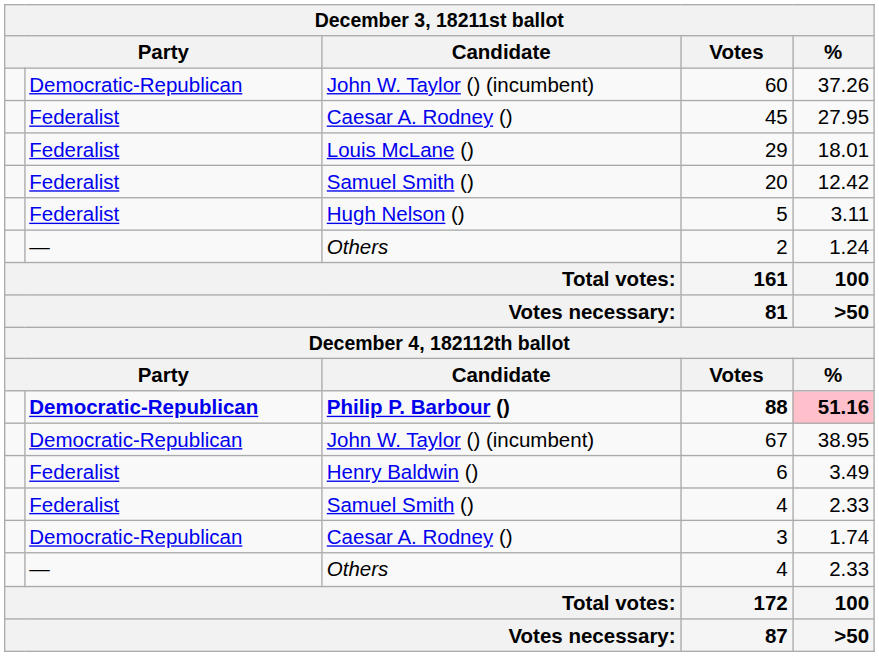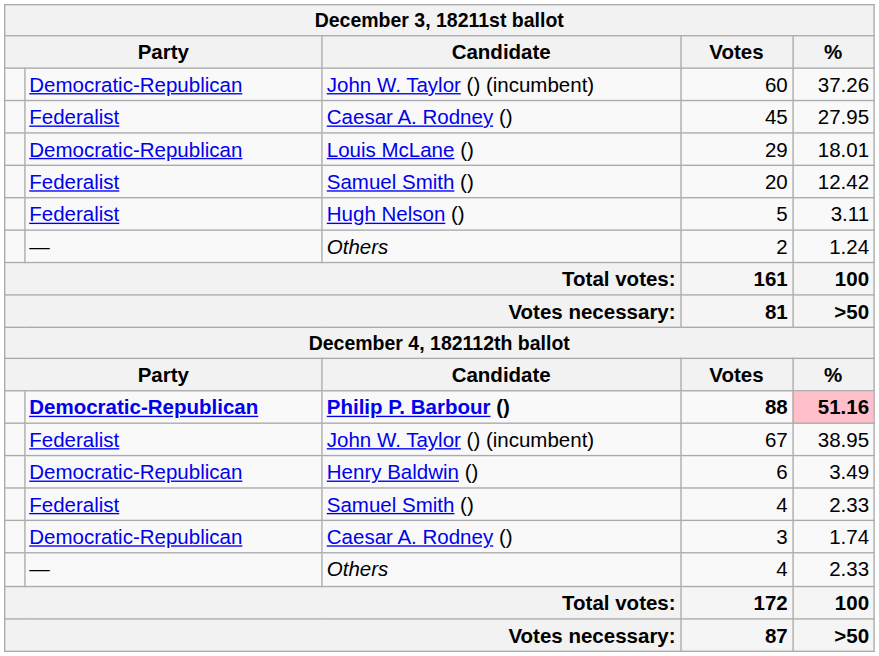 <table class="wikitable" style="margin-right:1em; font-size:95%">
 <tr>
 <th colspan=5 style="font-size:95%">December 3, 18211st ballot</th>
 </tr>
 <tr>
 <th scope="col" colspan="2" style="width: 15em">Party</th>
 <th scope="col" style="width: 17em">Candidate</th>
 <th scope="col" style="width: 5em">Votes</th>
 <th scope="col" style="width: 3.5em">%</th>
 </tr>
 <tr>
 <td style="width: 0.5em; background:"></td>
 <td><a href='#'>Democratic-Republican</a></td>
 <td><a href='#'>John W. Taylor</a> () (incumbent)</td>
 <td style="text-align:right">60</td>
 <td style="text-align:right">37.26</td>
 </tr>
 <tr>
 <td style="background:"></td>
 <td><a href='#'>Federalist</a></td>
 <td><a href='#'>Caesar A. Rodney</a> ()</td>
 <td style="text-align:right">45</td>
 <td style="text-align:right">27.95</td>
 </tr>
 <tr>
 <td style="background:"></td>
-<td><a href='#'>Federalist</a></td>
+<td><a href='#'>Democratic-Republican</a></td>
 <td><a href='#'>Louis McLane</a> ()</td>
 <td style="text-align:right">29</td>
 <td style="text-align:right">18.01</td>
 </tr>
 <tr>
 <td style="background:"></td>
 <td><a href='#'>Federalist</a></td>
 <td><a href='#'>Samuel Smith</a> ()</td>
 <td style="text-align:right">20</td>
 <td style="text-align:right">12.42</td>
 </tr>
 <tr>
 <td style="background:"></td>
 <td><a href='#'>Federalist</a></td>
 <td><a href='#'>Hugh Nelson</a> ()</td>
 <td style="text-align:right">5</td>
 <td style="text-align:right">3.11</td>
 </tr>
 <tr>
 <td style="background:"></td>
 <td>—</td>
 <td><em>Others</em></td>
 <td style="text-align:right">2</td>
 <td style="text-align:right">1.24</td>
 </tr>
 <tr>
 <th colspan=3 style="text-align:right">Total votes:</th>
 <td style="text-align:right; background:#f5f5f5"><strong>161</strong></td>
 <td style="text-align:right; background:#f5f5f5"><strong>100</strong></td>
 </tr>
 <tr>
 <th colspan=3 style="text-align:right">Votes necessary:</th>
 <td style="text-align:right; background:#f5f5f5"><strong>81</strong></td>
 <td style="text-align:right; background:#f5f5f5"><strong>>50</strong></td>
 </tr>
 <tr>
 <th colspan=5 style="font-size:95%">December 4, 182112th ballot</th>
 </tr>
 <tr>
 <th scope="col" colspan="2" style="width: 15em">Party</th>
 <th scope="col" style="width: 17em">Candidate</th>
 <th scope="col" style="width: 5em">Votes</th>
 <th scope="col" style="width: 3.5em">%</th>
 </tr>
 <tr>
 <td style="background:"></td>
 <td><strong><a href='#'>Democratic-Republican</a></strong></td>
 <td><strong><a href='#'>Philip P. Barbour</a> ()</strong></td>
 <td style="text-align:right"><strong>88</strong></td>
 <td style="background: pink; text-align:right"><strong>51.16</strong></td>
 </tr>
 <tr>
 <td style="background:"></td>
-<td><a href='#'>Democratic-Republican</a></td>
+<td><a href='#'>Federalist</a></td>
 <td><a href='#'>John W. Taylor</a> () (incumbent)</td>
 <td style="text-align:right">67</td>
 <td style="text-align:right">38.95</td>
 </tr>
 <tr>
 <td style="background:"></td>
-<td><a href='#'>Federalist</a></td>
+<td><a href='#'>Democratic-Republican</a></td>
 <td><a href='#'>Henry Baldwin</a> ()</td>
 <td style="text-align:right">6</td>
 <td style="text-align:right">3.49</td>
 </tr>
 <tr>
 <td style="background:"></td>
 <td><a href='#'>Federalist</a></td>
 <td><a href='#'>Samuel Smith</a> ()</td>
 <td style="text-align:right">4</td>
 <td style="text-align:right">2.33</td>
 </tr>
 <tr>
 <td style="background:"></td>
 <td><a href='#'>Democratic-Republican</a></td>
 <td><a href='#'>Caesar A. Rodney</a> ()</td>
 <td style="text-align:right">3</td>
 <td style="text-align:right">1.74</td>
 </tr>
 <tr>
 <td style="background:"></td>
 <td>—</td>
 <td><em>Others</em></td>
 <td style="text-align:right">4</td>
 <td style="text-align:right">2.33</td>
 </tr>
 <tr>
 <th colspan=3 style="text-align:right">Total votes:</th>
 <td style="text-align:right; background:#f5f5f5"><strong>172</strong></td>
 <td style="text-align:right; background:#f5f5f5"><strong>100</strong></td>
 </tr>
 <tr>
 <th colspan=3 style="text-align:right">Votes necessary:</th>
 <td style="text-align:right; background:#f5f5f5"><strong>87</strong></td>
 <td style="text-align:right; background:#f5f5f5"><strong>>50</strong></td>
 </tr>
 </table>
